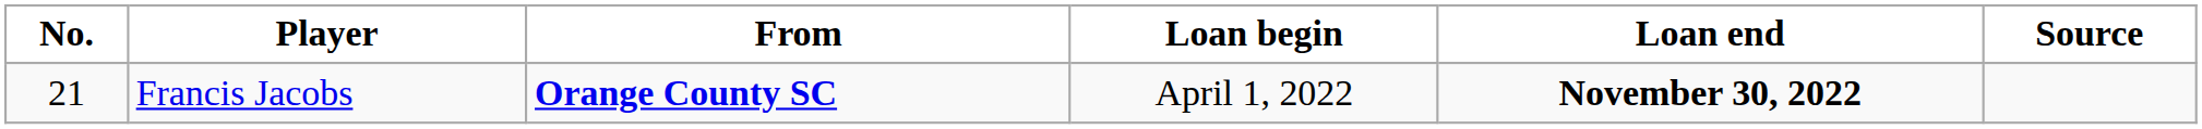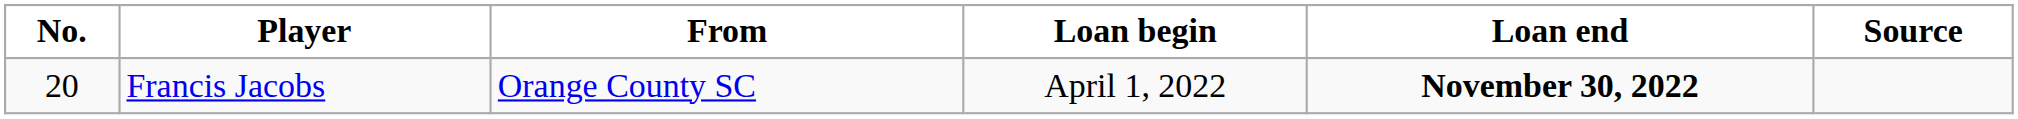 <table class="wikitable plainrowheaders sortable" sortable" style="text-align:center;width:75%;">
 <tr>
 <th scope="col" style="background:#FFFFFF; color:#000000; ">No.</th>
 <th scope="col" style="background:#FFFFFF; color:#000000; ">Player</th>
 <th scope="col" style="background:#FFFFFF; color:#000000; ">From</th>
 <th scope="col" style="background:#FFFFFF; color:#000000; ">Loan begin</th>
 <th scope="col" style="background:#FFFFFF; color:#000000; ">Loan end</th>
 <th scope="col" class="unsortable" style="background:#FFFFFF; color:#000000; ">Source</th>
 </tr>
 <tr>
-<td>21</td>
+<td>20</td>
 <td align="left"> <a href='#'>Francis Jacobs</a></td>
-<td align="left"><strong> <a href='#'>Orange County SC</a></strong></td>
+<td align="left"> <a href='#'>Orange County SC</a></td>
 <td>April 1, 2022</td>
 <td><strong>November 30, 2022</strong></td>
 <td></td>
 </tr>
 </table>
